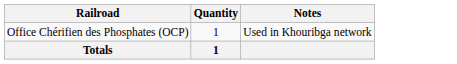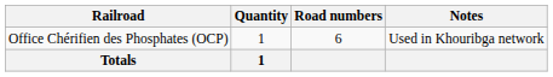 <table class="wikitable">
 <tr>
 <th>Railroad</th>
 <th>Quantity</th>
+<th>Road numbers</th>
 <th>Notes</th>
 </tr>
 <tr>
 <td>Office Chérifien des Phosphates (OCP)</td>
 <td style="text-align: center;">1</td>
+<td style="text-align: center;">6</td>
 <td>Used in Khouribga network</td>
 </tr>
 <tr>
 <th>Totals</th>
 <th>1</th>
 <th></th>
+<th></th>
 </tr>
 </table>
